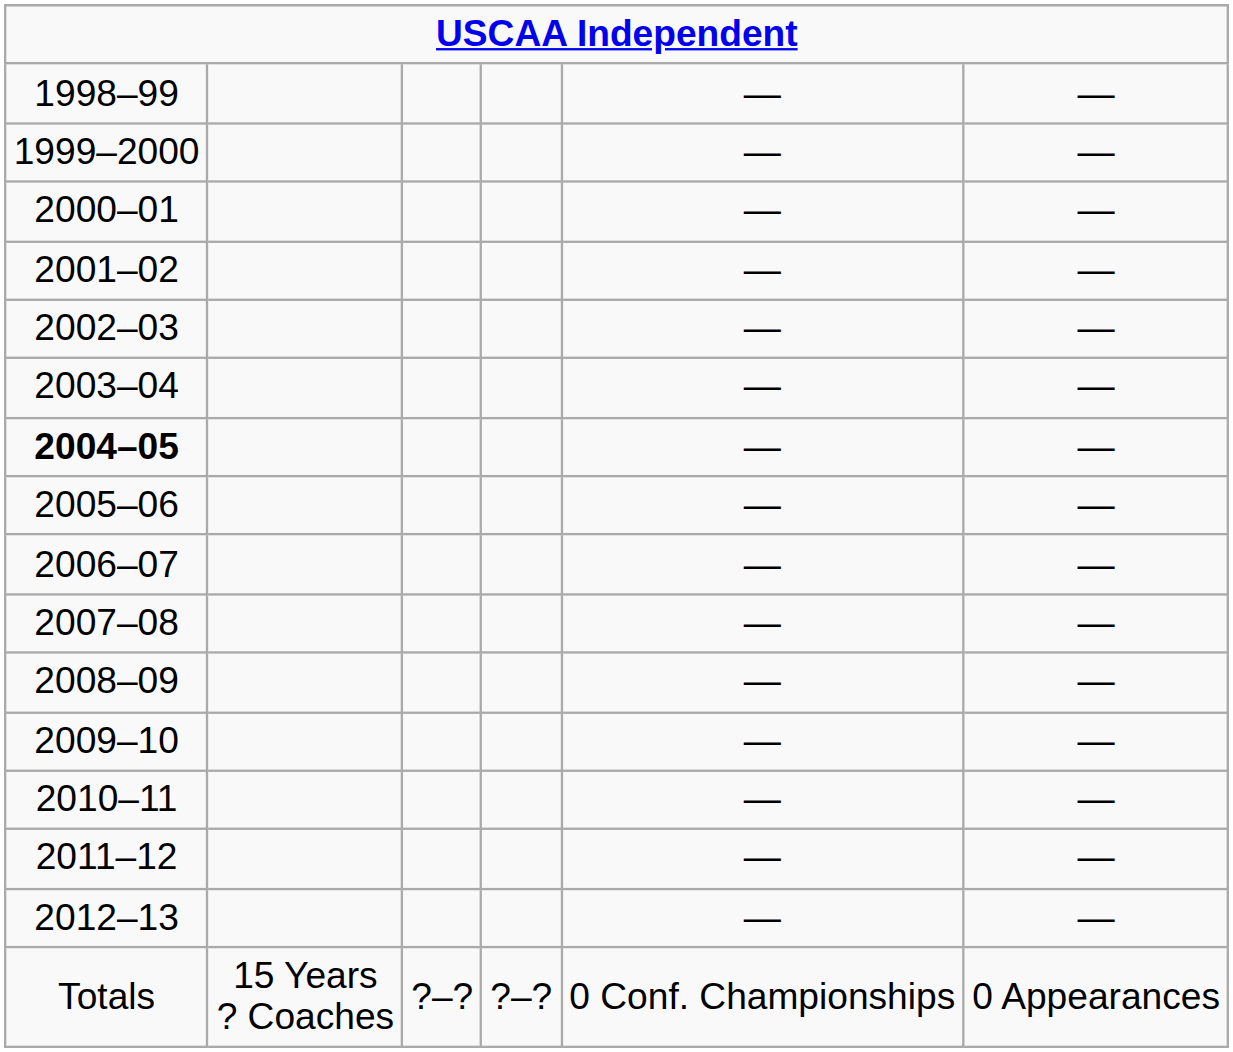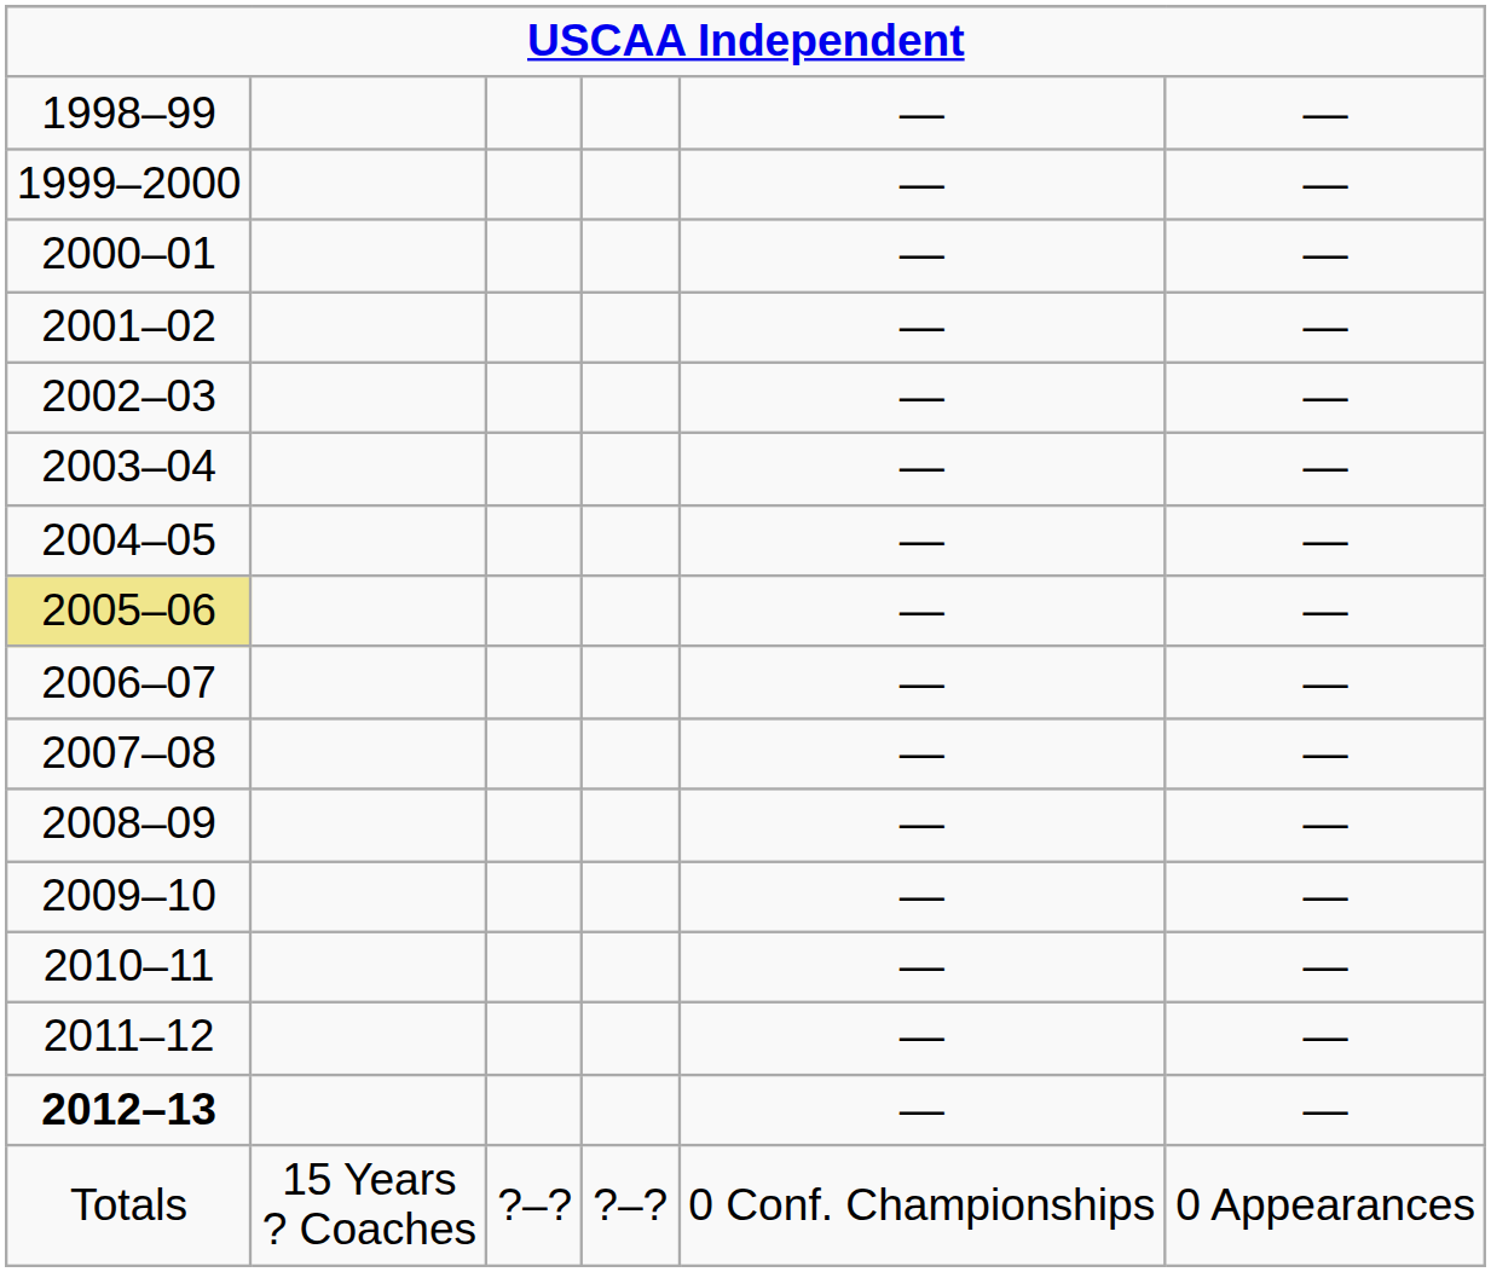 <table class="wikitable sortable" style="text-align:center">
 <tr>
 </tr>
 <tr>
 <td colspan=6  style="text-align:center"><strong><a href='#'>USCAA Independent</a></strong></td>
 </tr>
 <tr>
 <td>1998–99</td>
 <td></td>
 <td></td>
 <td></td>
 <td>—</td>
 <td>—</td>
 </tr>
 <tr>
 <td>1999–2000</td>
 <td></td>
 <td></td>
 <td></td>
 <td>—</td>
 <td>—</td>
 </tr>
 <tr>
 <td>2000–01</td>
 <td></td>
 <td></td>
 <td></td>
 <td>—</td>
 <td>—</td>
 </tr>
 <tr>
 <td>2001–02</td>
 <td></td>
 <td></td>
 <td></td>
 <td>—</td>
 <td>—</td>
 </tr>
 <tr>
 <td>2002–03</td>
 <td></td>
 <td></td>
 <td></td>
 <td>—</td>
 <td>—</td>
 </tr>
 <tr>
 <td>2003–04</td>
 <td></td>
 <td></td>
 <td></td>
 <td>—</td>
 <td>—</td>
 </tr>
 <tr>
-<td><strong>2004–05</strong></td>
+<td>2004–05</td>
 <td></td>
 <td></td>
 <td></td>
 <td>—</td>
 <td>—</td>
 </tr>
 <tr>
-<td>2005–06</td>
+<td style="background: khaki;">2005–06</td>
 <td></td>
 <td></td>
 <td></td>
 <td>—</td>
 <td>—</td>
 </tr>
 <tr>
 <td>2006–07</td>
 <td></td>
 <td></td>
 <td></td>
 <td>—</td>
 <td>—</td>
 </tr>
 <tr>
 <td>2007–08</td>
 <td></td>
 <td></td>
 <td></td>
 <td>—</td>
 <td>—</td>
 </tr>
 <tr>
 <td>2008–09</td>
 <td></td>
 <td></td>
 <td></td>
 <td>—</td>
 <td>—</td>
 </tr>
 <tr>
 <td>2009–10</td>
 <td></td>
 <td></td>
 <td></td>
 <td>—</td>
 <td>—</td>
 </tr>
 <tr>
 <td>2010–11</td>
 <td></td>
 <td></td>
 <td></td>
 <td>—</td>
 <td>—</td>
 </tr>
 <tr>
 <td>2011–12</td>
 <td></td>
 <td></td>
 <td></td>
 <td>—</td>
 <td>—</td>
 </tr>
 <tr>
-<td>2012–13</td>
+<td><strong>2012–13</strong></td>
 <td></td>
 <td></td>
 <td></td>
 <td>—</td>
 <td>—</td>
 </tr>
 <tr>
 <td>Totals</td>
 <td>15 Years<br>? Coaches</td>
 <td>?–?</td>
 <td>?–?</td>
 <td>0 Conf. Championships</td>
 <td>0 Appearances</td>
 </tr>
 </table>
